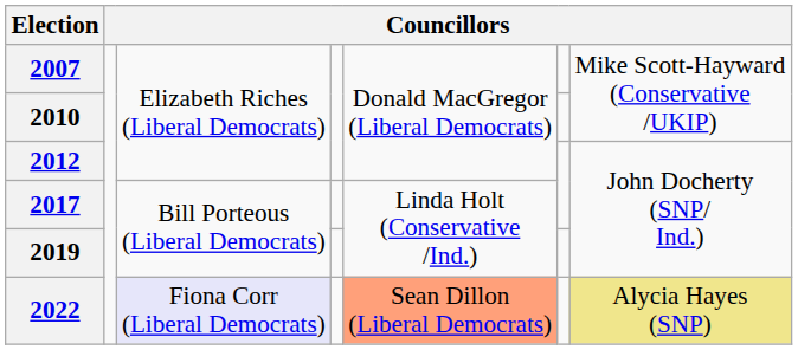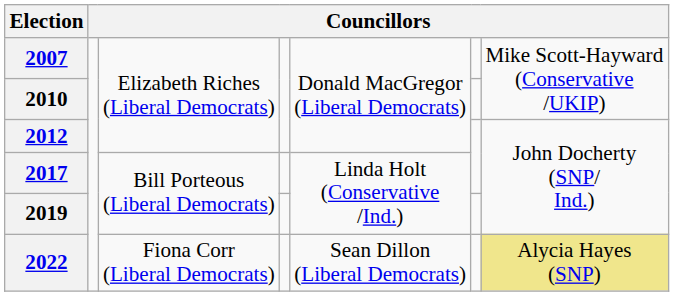 <table class="wikitable" style="text-align:center">
 <tr>
 <th>Election</th>
 <th colspan=6>Councillors</th>
 </tr>
 <tr>
 <th><a href='#'>2007</a></th>
 <td rowspan=6; style="background-color: "></td>
 <td rowspan=3>Elizabeth Riches<br>(<a href='#'>Liberal Democrats</a>)</td>
 <td rowspan=3; style="background-color: "></td>
 <td rowspan=3>Donald MacGregor<br>(<a href='#'>Liberal Democrats</a>)</td>
 <td rowspan=1; style="background-color: "></td>
 <td rowspan=2>Mike Scott-Hayward<br>(<a href='#'>Conservative</a><br>/<a href='#'>UKIP</a>)</td>
 </tr>
 <tr>
 <th>2010</th>
 <td rowspan=1; style="background-color: "></td>
 </tr>
 <tr>
 <th><a href='#'>2012</a></th>
 <td rowspan=2; style="background-color: "></td>
 <td rowspan=3>John Docherty<br>(<a href='#'>SNP</a>/<br><a href='#'>Ind.</a>)</td>
 </tr>
 <tr>
 <th><a href='#'>2017</a></th>
 <td rowspan=2>Bill Porteous<br>(<a href='#'>Liberal Democrats</a>)</td>
 <td rowspan=1; style="background-color: "></td>
 <td rowspan=2>Linda Holt<br>(<a href='#'>Conservative</a><br>/<a href='#'>Ind.</a>)</td>
 </tr>
 <tr>
 <th>2019</th>
 <td rowspan=1; style="background-color: "></td>
 <td rowspan=1; style="background-color: "></td>
 </tr>
 <tr>
 <th><a href='#'>2022</a></th>
-<td rowspan=1 style="background: lavender;">Fiona Corr<br>(<a href='#'>Liberal Democrats</a>)</td>
+<td rowspan=1>Fiona Corr<br>(<a href='#'>Liberal Democrats</a>)</td>
 <td rowspan=1; style="background-color: "></td>
-<td rowspan=1 style="background: lightsalmon;">Sean Dillon<br>(<a href='#'>Liberal Democrats</a>)</td>
+<td rowspan=1>Sean Dillon<br>(<a href='#'>Liberal Democrats</a>)</td>
 <td rowspan=1; style="background-color: "></td>
 <td rowspan=1 style="background: khaki;">Alycia Hayes<br>(<a href='#'>SNP</a>)</td>
 </tr>
 </table>
